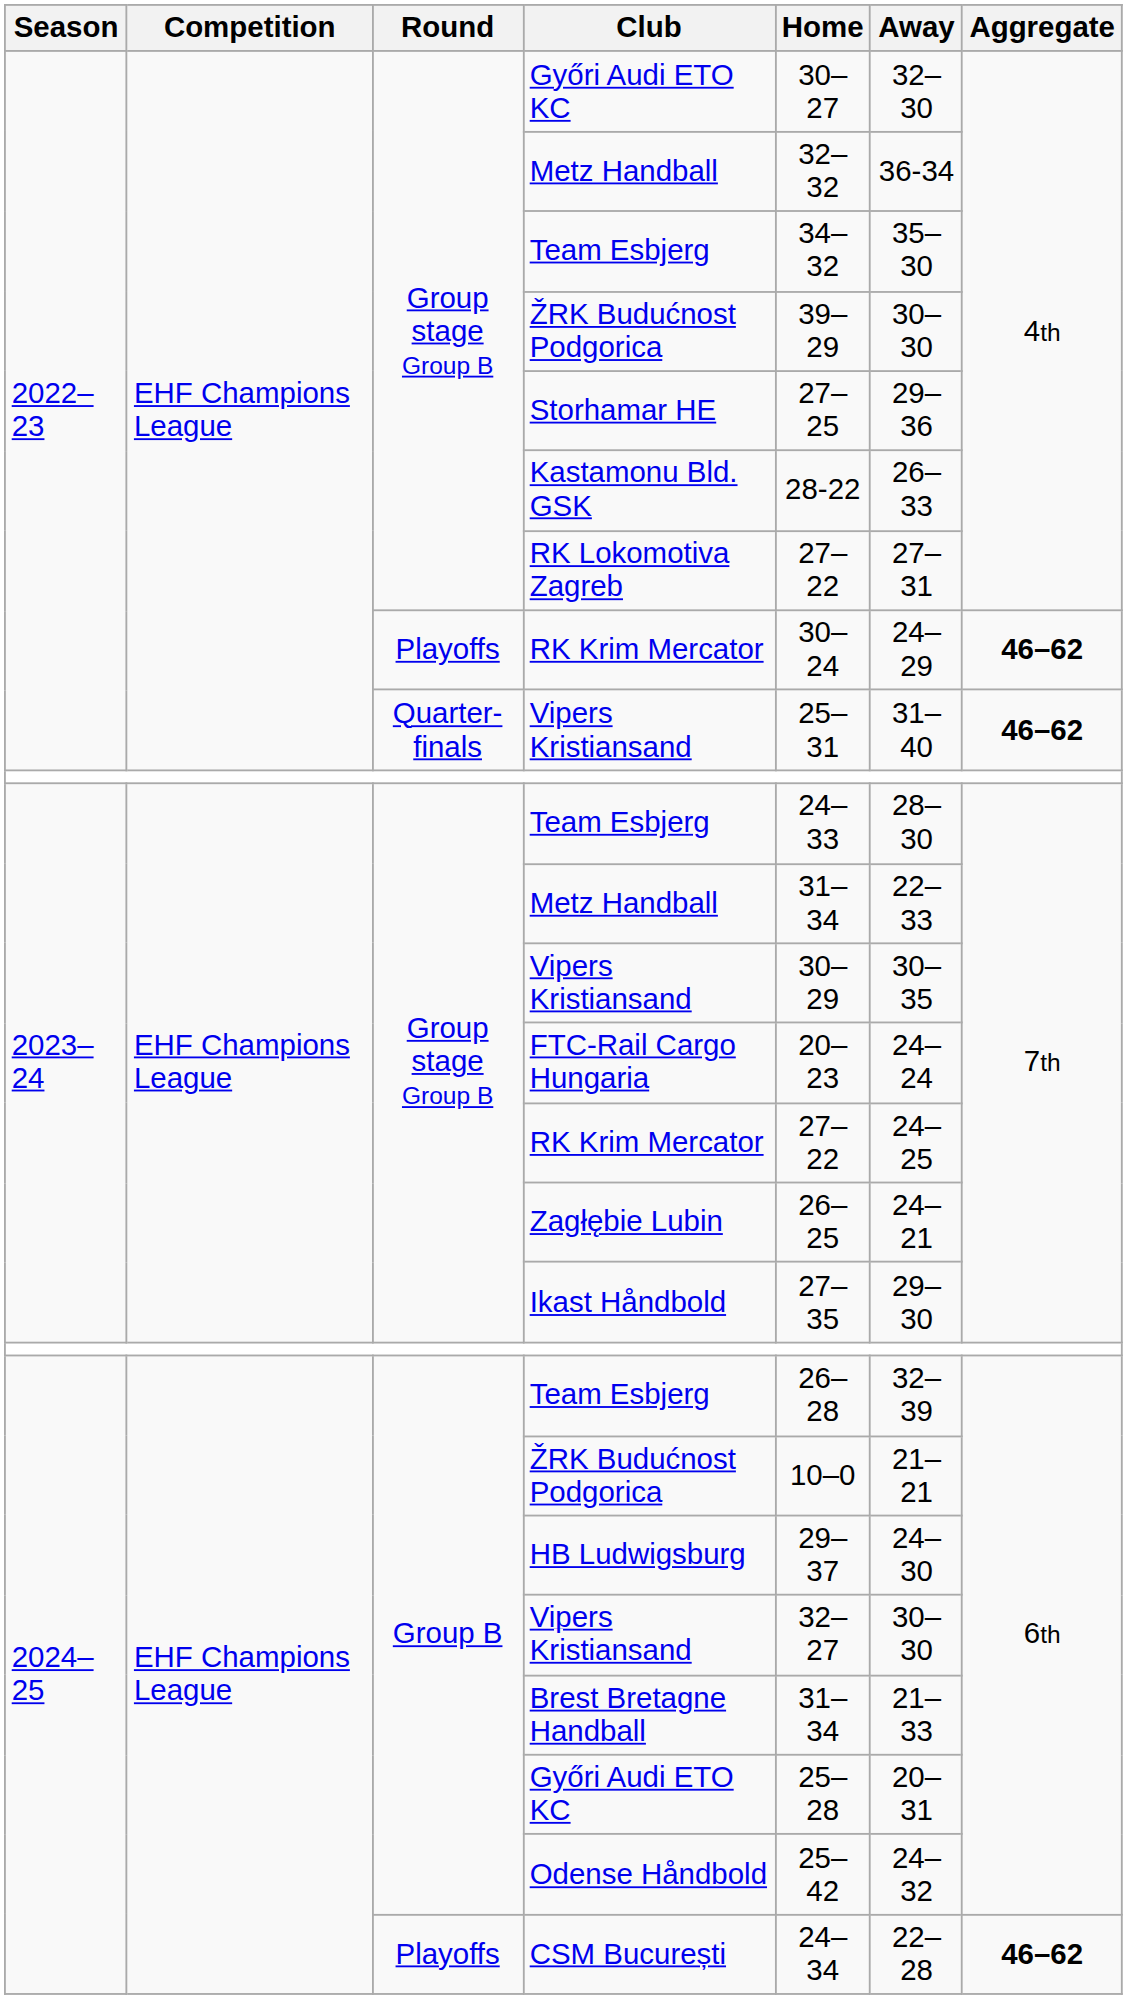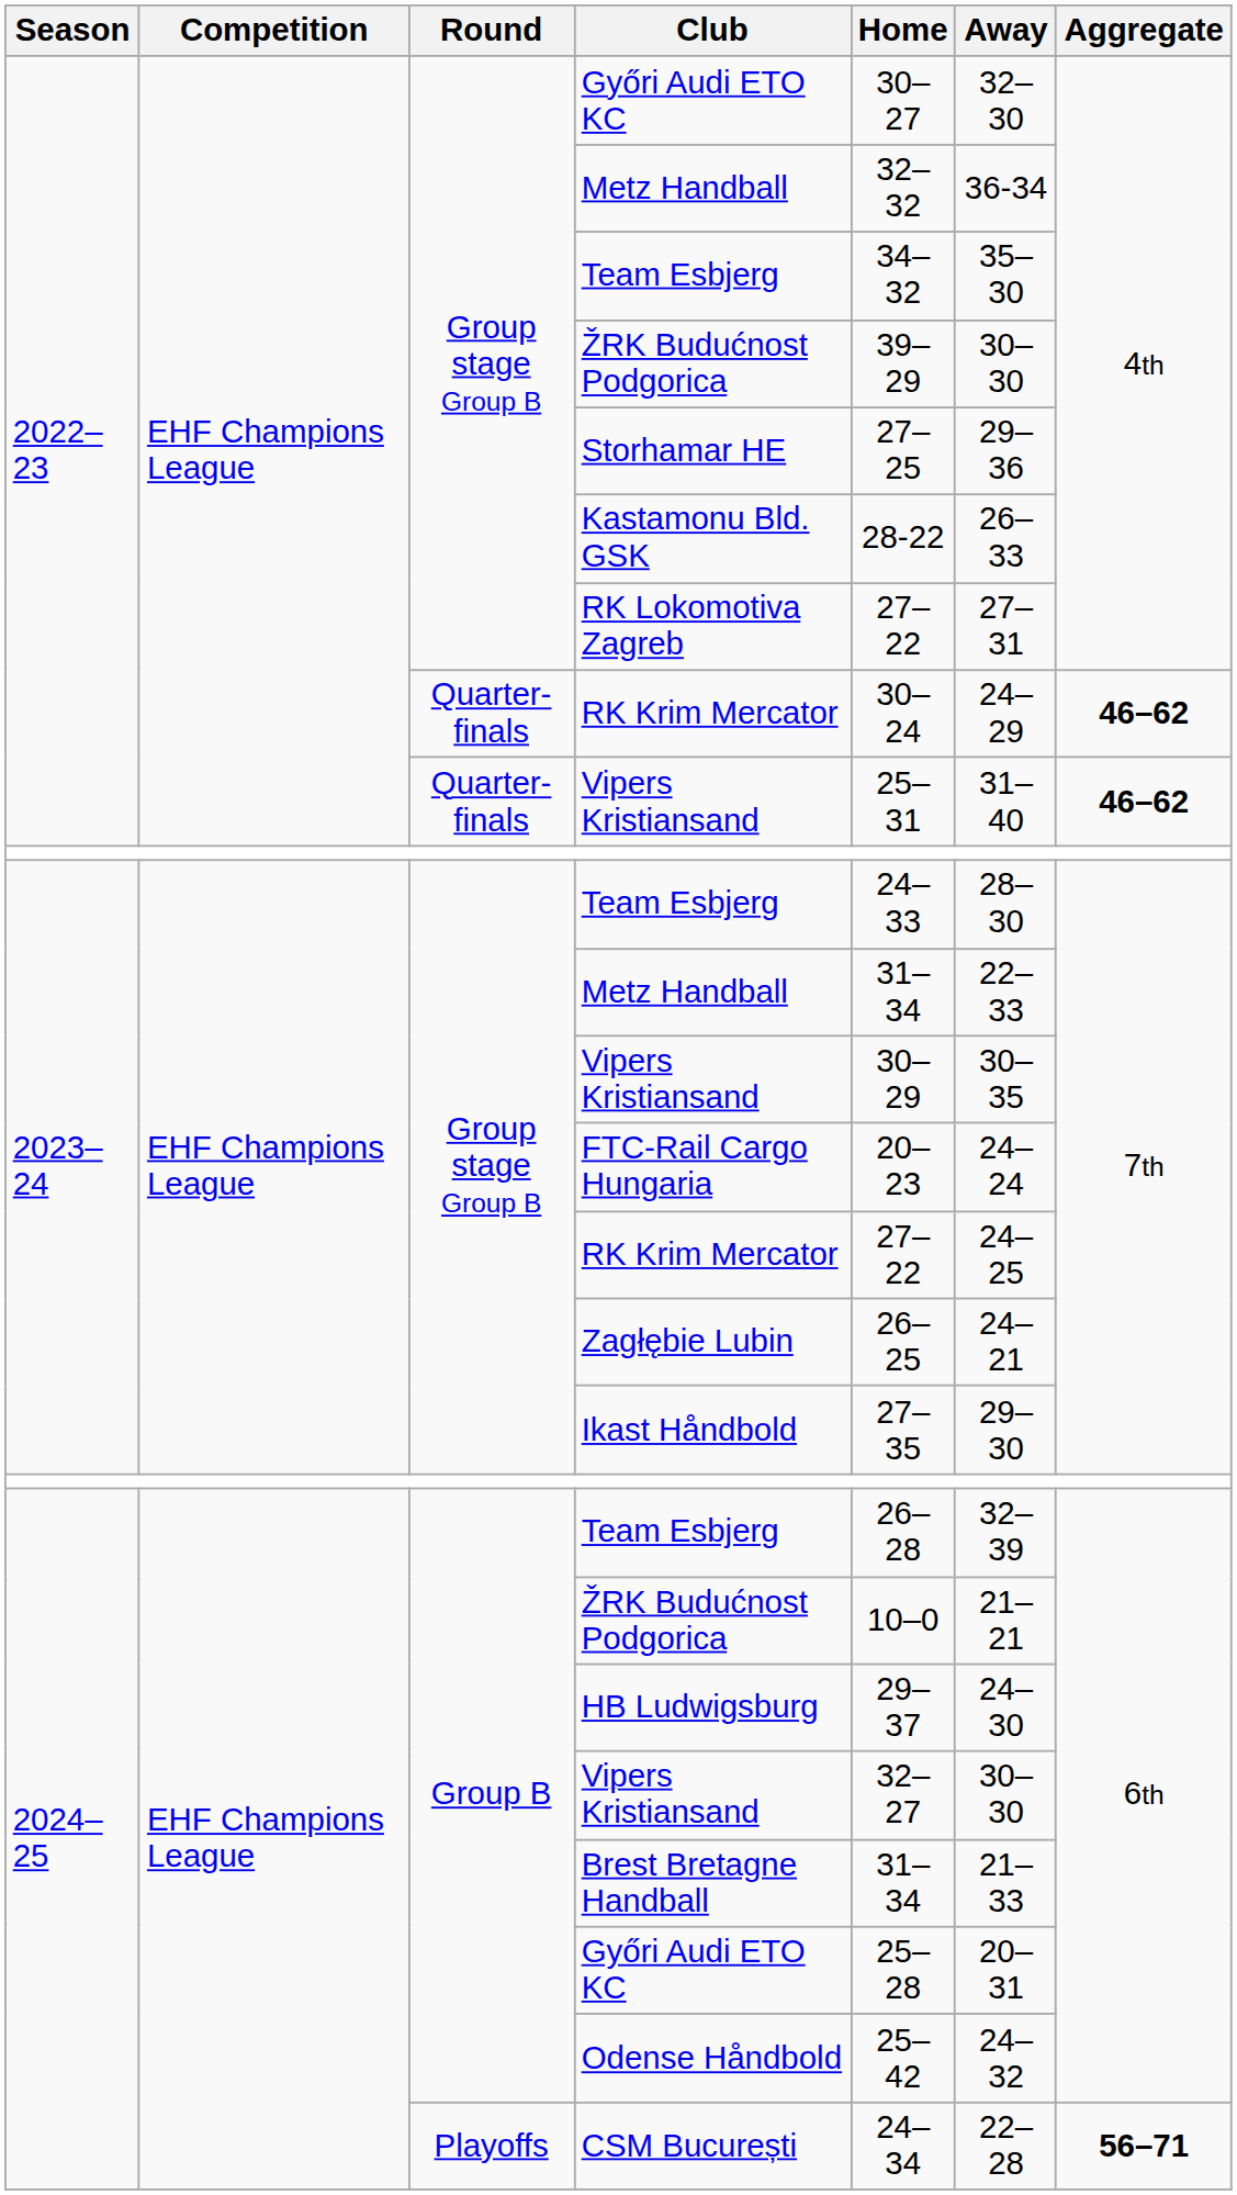 <table class="wikitable" style="text-align: left;">
 <tr>
 <th>Season</th>
 <th>Competition</th>
 <th>Round</th>
 <th>Club</th>
 <th>Home</th>
 <th>Away</th>
 <th>Aggregate</th>
 </tr>
 <tr>
 <td rowspan=9><a href='#'>2022–23</a></td>
 <td rowspan=9><a href='#'>EHF Champions League</a></td>
 <td rowspan=7 style="text-align:center;"><a href='#'>Group stage<br><small>Group B</small></a></td>
 <td> <a href='#'>Győri Audi ETO KC</a></td>
 <td style="text-align:center;">30–27</td>
 <td style="text-align:center;">32–30</td>
 <td align=center rowspan=7>4<small>th</small></td>
 </tr>
 <tr>
 <td> <a href='#'>Metz Handball</a></td>
 <td style="text-align:center;">32–32</td>
 <td style="text-align:center;">36-34</td>
 </tr>
 <tr>
 <td> <a href='#'>Team Esbjerg</a></td>
 <td style="text-align:center;">34–32</td>
 <td style="text-align:center;">35–30</td>
 </tr>
 <tr>
 <td> <a href='#'>ŽRK Budućnost Podgorica</a></td>
 <td style="text-align:center;">39–29</td>
 <td style="text-align:center;">30–30</td>
 </tr>
 <tr>
 <td> <a href='#'>Storhamar HE</a></td>
 <td style="text-align:center;">27–25</td>
 <td style="text-align:center;">29–36</td>
 </tr>
 <tr>
 <td> <a href='#'>Kastamonu Bld. GSK</a></td>
 <td style="text-align:center;">28-22</td>
 <td style="text-align:center;">26–33</td>
 </tr>
 <tr>
 <td> <a href='#'>RK Lokomotiva Zagreb</a></td>
 <td style="text-align:center;">27–22</td>
 <td style="text-align:center;">27–31</td>
 </tr>
 <tr>
-<td style="text-align:center;"><a href='#'>Playoffs</a></td>
+<td style="text-align:center;"><a href='#'>Quarter-finals</a></td>
 <td> <a href='#'>RK Krim Mercator</a></td>
 <td style="text-align:center;">30–24</td>
 <td style="text-align:center;">24–29</td>
 <td style="text-align:center;"><strong>46–62</strong></td>
 </tr>
 <tr>
 <td style="text-align:center;"><a href='#'>Quarter-finals</a></td>
 <td> <a href='#'>Vipers Kristiansand</a></td>
 <td style="text-align:center;">25–31</td>
 <td style="text-align:center;">31–40</td>
 <td style="text-align:center;"><strong>46–62</strong></td>
 </tr>
 <tr>
 <td colspan=7 style="text-align: center;" bgcolor=white></td>
 </tr>
 <tr>
 <td rowspan=7><a href='#'>2023–24</a></td>
 <td rowspan=7><a href='#'>EHF Champions League</a></td>
 <td rowspan=7 style="text-align:center;"><a href='#'>Group stage<br><small>Group B</small></a></td>
 <td> <a href='#'>Team Esbjerg</a></td>
 <td style="text-align:center;">24–33</td>
 <td style="text-align:center;">28–30</td>
 <td align=center rowspan=7>7<small>th</small></td>
 </tr>
 <tr>
 <td> <a href='#'>Metz Handball</a></td>
 <td style="text-align:center;">31–34</td>
 <td style="text-align:center;">22–33</td>
 </tr>
 <tr>
 <td> <a href='#'>Vipers Kristiansand</a></td>
 <td style="text-align:center;">30–29</td>
 <td style="text-align:center;">30–35</td>
 </tr>
 <tr>
 <td> <a href='#'>FTC-Rail Cargo Hungaria</a></td>
 <td style="text-align:center;">20–23</td>
 <td style="text-align:center;">24–24</td>
 </tr>
 <tr>
 <td> <a href='#'>RK Krim Mercator</a></td>
 <td style="text-align:center;">27–22</td>
 <td style="text-align:center;">24–25</td>
 </tr>
 <tr>
 <td> <a href='#'>Zagłębie Lubin</a></td>
 <td style="text-align:center;">26–25</td>
 <td style="text-align:center;">24–21</td>
 </tr>
 <tr>
 <td> <a href='#'>Ikast Håndbold</a></td>
 <td style="text-align:center;">27–35</td>
 <td style="text-align:center;">29–30</td>
 </tr>
 <tr>
 <td colspan=7 style="text-align: center;" bgcolor=white></td>
 </tr>
 <tr>
 <td rowspan=8><a href='#'>2024–25</a></td>
 <td rowspan=8><a href='#'>EHF Champions League</a></td>
 <td rowspan=7 style="text-align:center;"><a href='#'>Group B</a></td>
 <td> <a href='#'>Team Esbjerg</a></td>
 <td style="text-align:center;">26–28</td>
 <td style="text-align:center;">32–39</td>
 <td align=center rowspan=7>6<small>th</small></td>
 </tr>
 <tr>
 <td> <a href='#'>ŽRK Budućnost Podgorica</a></td>
 <td style="text-align:center;">10–0</td>
 <td style="text-align:center;">21–21</td>
 </tr>
 <tr>
 <td> <a href='#'>HB Ludwigsburg</a></td>
 <td style="text-align:center;">29–37</td>
 <td style="text-align:center;">24–30</td>
 </tr>
 <tr>
 <td> <a href='#'>Vipers Kristiansand</a></td>
 <td style="text-align:center;">32–27</td>
 <td style="text-align:center;">30–30</td>
 </tr>
 <tr>
 <td> <a href='#'>Brest Bretagne Handball</a></td>
 <td style="text-align:center;">31–34</td>
 <td style="text-align:center;">21–33</td>
 </tr>
 <tr>
 <td> <a href='#'>Győri Audi ETO KC</a></td>
 <td style="text-align:center;">25–28</td>
 <td style="text-align:center;">20–31</td>
 </tr>
 <tr>
 <td> <a href='#'>Odense Håndbold</a></td>
 <td style="text-align:center;">25–42</td>
 <td style="text-align:center;">24–32</td>
 </tr>
 <tr>
 <td style="text-align:center;"><a href='#'>Playoffs</a></td>
 <td> <a href='#'>CSM București</a></td>
 <td style="text-align:center;">24–34</td>
 <td style="text-align:center;">22–28</td>
-<td style="text-align:center;"><strong>46–62</strong></td>
+<td style="text-align:center;"><strong>56–71</strong></td>
 </tr>
 </table>
